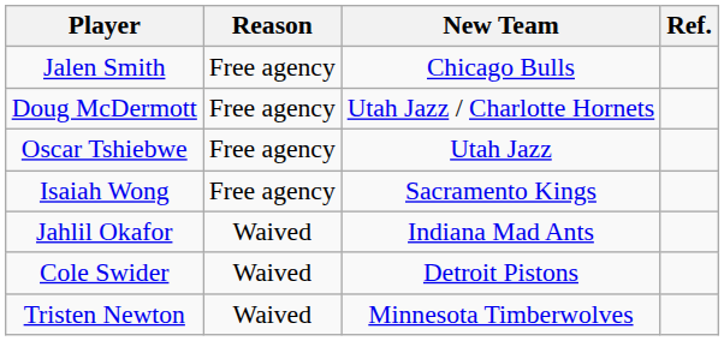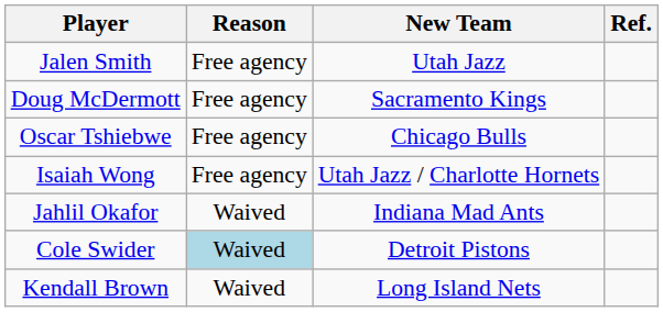 <table class="wikitable sortable sortable" style="text-align: center">
 <tr>
 <th>Player</th>
 <th>Reason</th>
 <th>New Team</th>
 <th>Ref.</th>
 </tr>
 <tr>
 <td><a href='#'>Jalen Smith</a></td>
 <td>Free agency</td>
-<td><a href='#'>Chicago Bulls</a></td>
+<td><a href='#'>Utah Jazz</a></td>
 <td></td>
 </tr>
 <tr>
 <td><a href='#'>Doug McDermott</a></td>
 <td>Free agency</td>
-<td><a href='#'>Utah Jazz</a>  / <a href='#'>Charlotte Hornets</a></td>
+<td><a href='#'>Sacramento Kings</a></td>
 <td></td>
 </tr>
 <tr>
 <td><a href='#'>Oscar Tshiebwe</a></td>
 <td>Free agency</td>
-<td><a href='#'>Utah Jazz</a></td>
+<td><a href='#'>Chicago Bulls</a></td>
 <td></td>
 </tr>
 <tr>
 <td><a href='#'>Isaiah Wong</a></td>
 <td>Free agency</td>
-<td><a href='#'>Sacramento Kings</a></td>
+<td><a href='#'>Utah Jazz</a>  / <a href='#'>Charlotte Hornets</a></td>
 <td></td>
 </tr>
 <tr>
 <td><a href='#'>Jahlil Okafor</a></td>
 <td>Waived</td>
 <td><a href='#'>Indiana Mad Ants</a></td>
 <td></td>
 </tr>
 <tr>
 <td><a href='#'>Cole Swider</a></td>
-<td>Waived</td>
+<td style="background: lightblue;">Waived</td>
 <td><a href='#'>Detroit Pistons</a></td>
 <td></td>
 </tr>
 <tr>
-<td><a href='#'>Tristen Newton</a></td>
+<td><a href='#'>Kendall Brown</a></td>
 <td>Waived</td>
-<td><a href='#'>Minnesota Timberwolves</a></td>
+<td><a href='#'>Long Island Nets</a></td>
 <td></td>
 </tr>
 </table>
